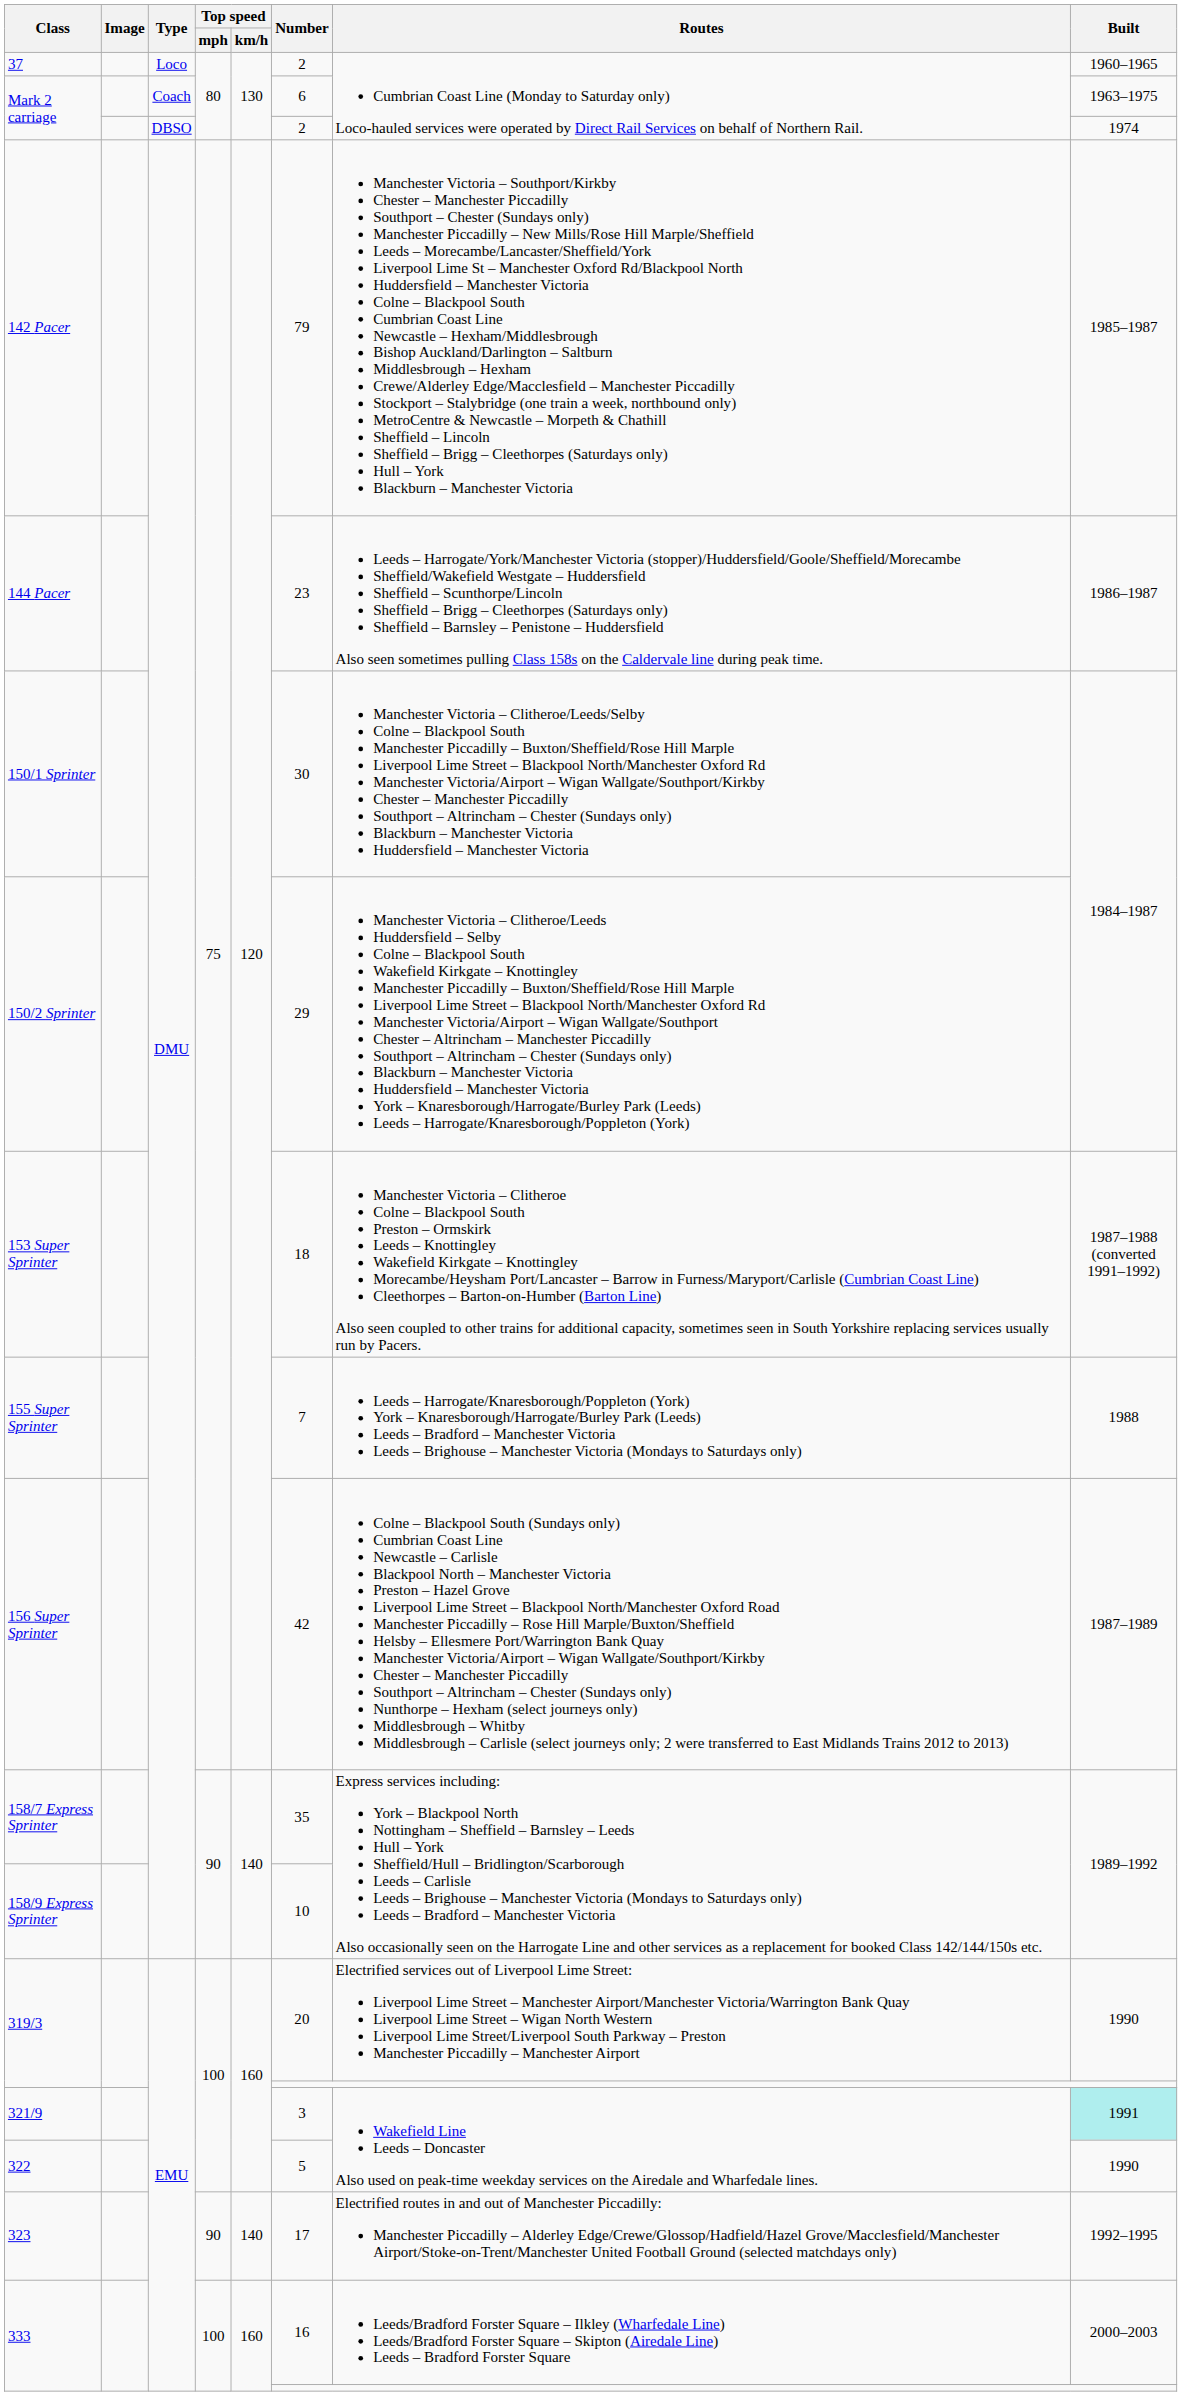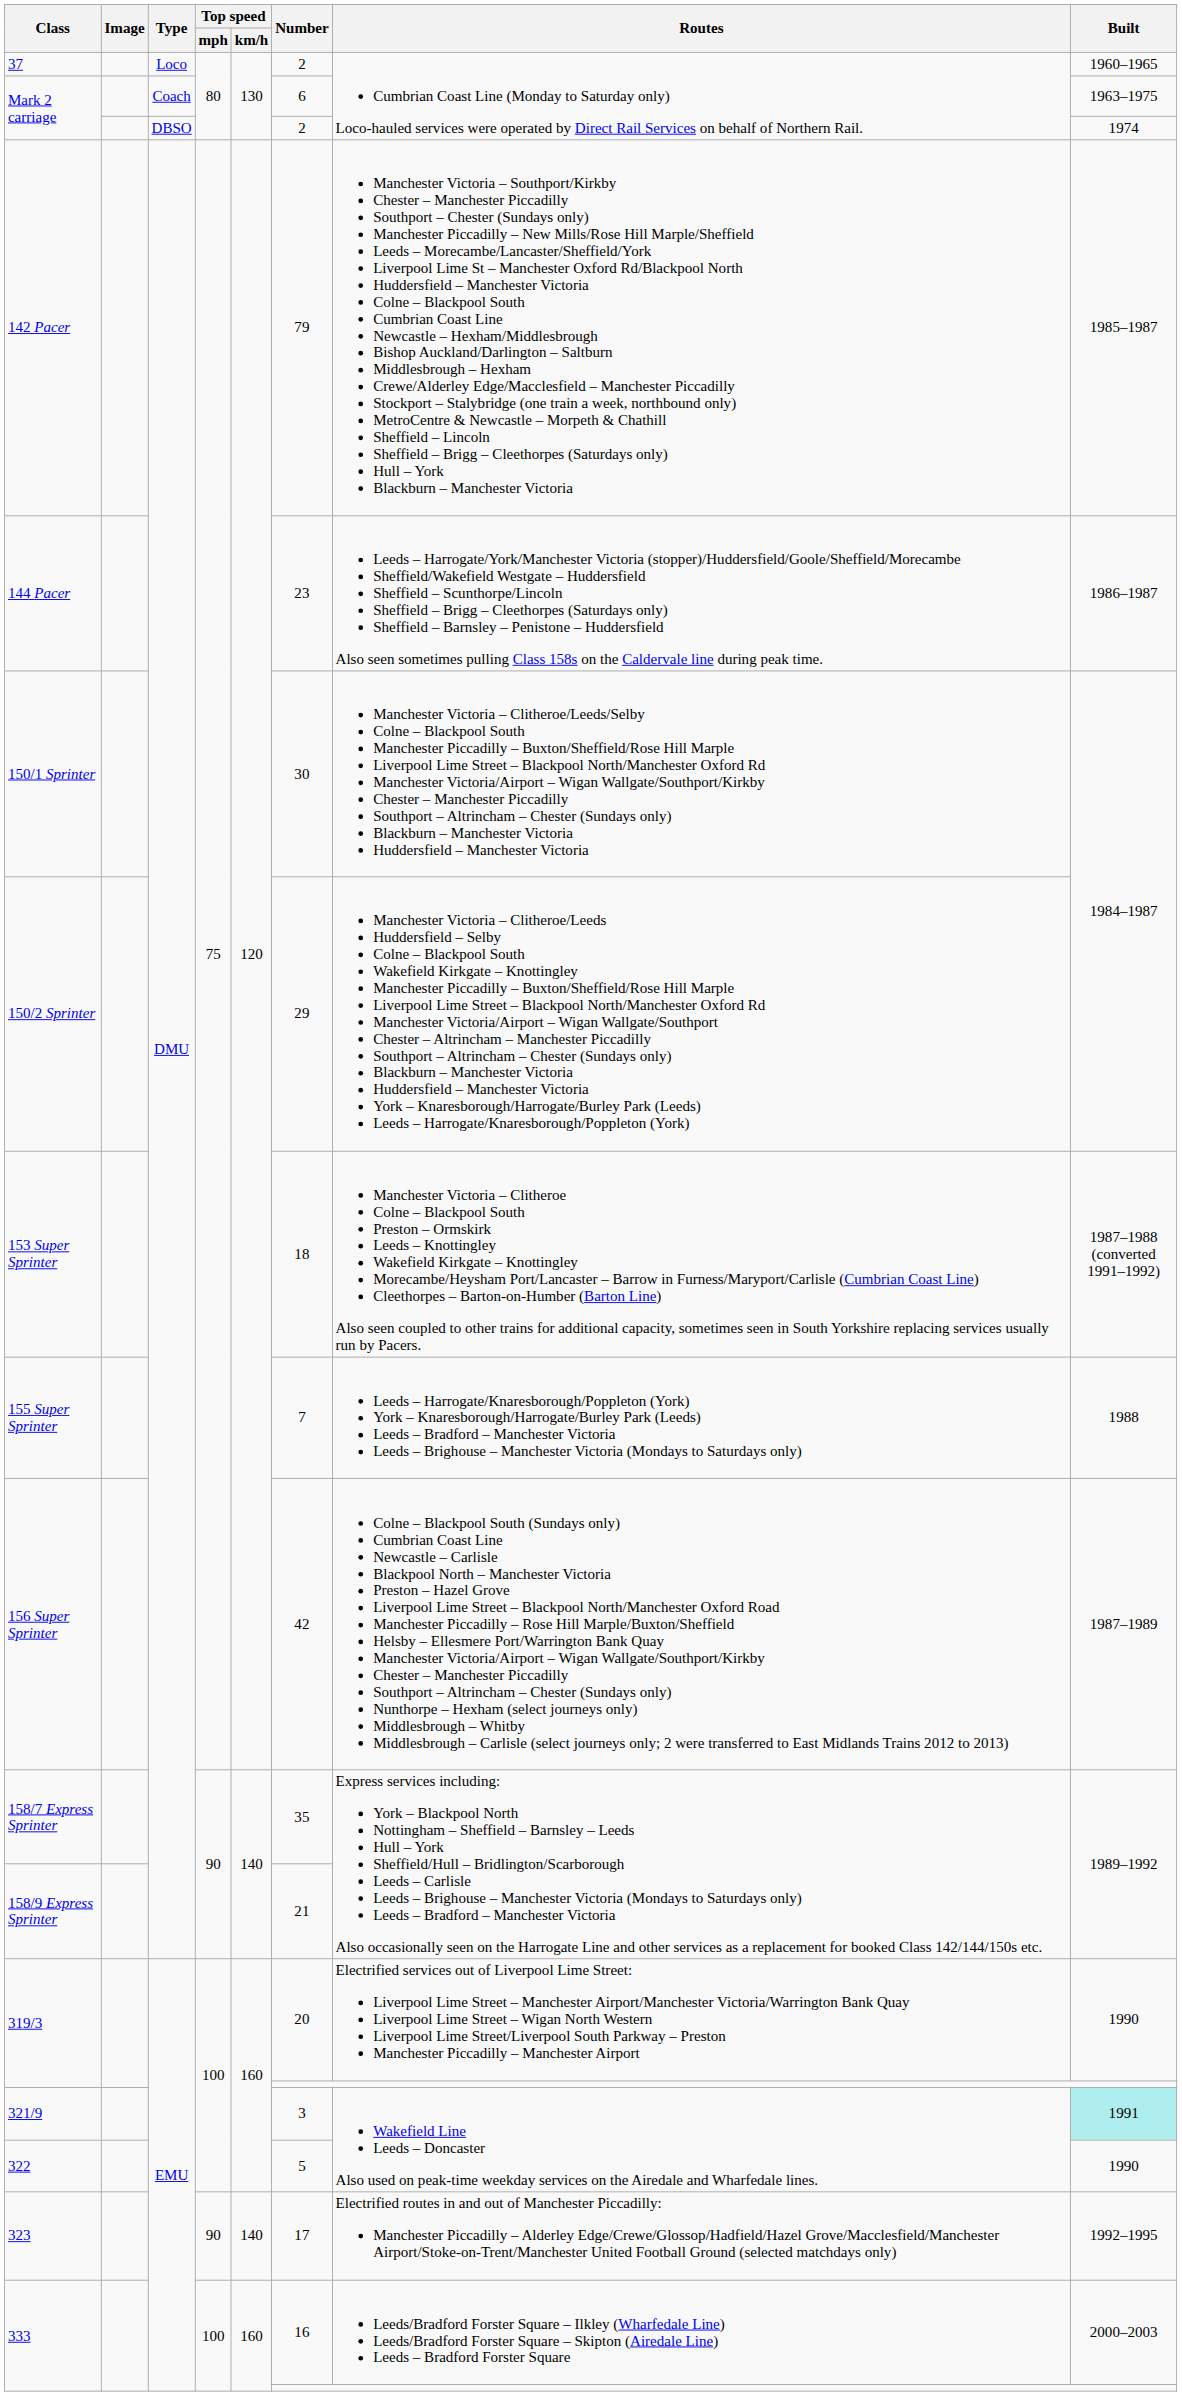 <table class="wikitable">
 <tr style="background:#f9f9f9;">
 <th rowspan="2">Class</th>
 <th rowspan="2">Image</th>
 <th rowspan="2">Type</th>
 <th colspan="2">Top speed</th>
 <th rowspan="2">Number</th>
 <th rowspan="2">Routes</th>
 <th rowspan="2">Built</th>
 </tr>
 <tr style="background:#f9f9f9;">
 <th>mph</th>
 <th>km/h</th>
 </tr>
 <tr>
 <td><a href='#'>37</a></td>
 <td></td>
 <td style="text-align:center;"><a href='#'>Loco</a></td>
 <td rowspan="3" style="text-align:center;">80</td>
 <td rowspan="3" style="text-align:center;">130</td>
 <td style="text-align:center;">2</td>
 <td rowspan="3"><br><ul><li>Cumbrian Coast Line (Monday to Saturday only)</li></ul>Loco-hauled services were operated by <a href='#'>Direct Rail Services</a> on behalf of Northern Rail.</td>
 <td style="text-align:center;">1960–1965</td>
 </tr>
 <tr>
 <td rowspan="2"><a href='#'>Mark 2 carriage</a></td>
 <td></td>
 <td style="text-align:center;"><a href='#'>Coach</a></td>
 <td style="text-align:center;">6</td>
 <td style="text-align:center;">1963–1975</td>
 </tr>
 <tr>
 <td></td>
 <td style="text-align:center;"><a href='#'>DBSO</a></td>
 <td style="text-align:center;">2</td>
 <td style="text-align:center;">1974</td>
 </tr>
 <tr>
 <td><a href='#'>142 <em>Pacer</em></a></td>
 <td></td>
 <td rowspan="9" style="text-align:center;"><a href='#'>DMU</a></td>
 <td rowspan="7" style="text-align:center;">75</td>
 <td rowspan="7" style="text-align:center;">120</td>
 <td style="text-align:center;">79</td>
 <td><br><ul><li>Manchester Victoria – Southport/Kirkby</li><li>Chester – Manchester Piccadilly</li><li>Southport – Chester (Sundays only)</li><li>Manchester Piccadilly – New Mills/Rose Hill Marple/Sheffield</li><li>Leeds – Morecambe/Lancaster/Sheffield/York</li><li>Liverpool Lime St – Manchester Oxford Rd/Blackpool North</li><li>Huddersfield – Manchester Victoria</li><li>Colne – Blackpool South</li><li>Cumbrian Coast Line</li><li>Newcastle – Hexham/Middlesbrough</li><li>Bishop Auckland/Darlington – Saltburn</li><li>Middlesbrough – Hexham</li><li>Crewe/Alderley Edge/Macclesfield – Manchester Piccadilly</li><li>Stockport – Stalybridge (one train a week, northbound only)</li><li>MetroCentre & Newcastle – Morpeth & Chathill</li><li>Sheffield – Lincoln</li><li>Sheffield – Brigg – Cleethorpes (Saturdays only)</li><li>Hull – York</li><li>Blackburn – Manchester Victoria</li></ul></td>
 <td style="text-align:center;">1985–1987</td>
 </tr>
 <tr>
 <td><a href='#'>144 <em>Pacer</em></a></td>
 <td></td>
 <td style="text-align:center;">23</td>
 <td><br><ul><li>Leeds – Harrogate/York/Manchester Victoria (stopper)/Huddersfield/Goole/Sheffield/Morecambe</li><li>Sheffield/Wakefield Westgate – Huddersfield</li><li>Sheffield – Scunthorpe/Lincoln</li><li>Sheffield – Brigg – Cleethorpes (Saturdays only)</li><li>Sheffield – Barnsley – Penistone – Huddersfield</li></ul> Also seen sometimes pulling <a href='#'>Class 158s</a> on the <a href='#'>Caldervale line</a> during peak time.</td>
 <td style="text-align:center;">1986–1987</td>
 </tr>
 <tr>
 <td><a href='#'>150/1 <em>Sprinter</em></a></td>
 <td></td>
 <td style="text-align:center;">30</td>
 <td><br><ul><li>Manchester Victoria – Clitheroe/Leeds/Selby</li><li>Colne – Blackpool South</li><li>Manchester Piccadilly – Buxton/Sheffield/Rose Hill Marple</li><li>Liverpool Lime Street – Blackpool North/Manchester Oxford Rd</li><li>Manchester Victoria/Airport – Wigan Wallgate/Southport/Kirkby</li><li>Chester – Manchester Piccadilly</li><li>Southport – Altrincham – Chester (Sundays only)</li><li>Blackburn – Manchester Victoria</li><li>Huddersfield – Manchester Victoria</li></ul></td>
 <td rowspan="2" style="text-align:center;">1984–1987</td>
 </tr>
 <tr>
 <td><a href='#'>150/2 <em>Sprinter</em></a></td>
 <td></td>
 <td style="text-align:center;">29</td>
 <td><br><ul><li>Manchester Victoria – Clitheroe/Leeds</li><li>Huddersfield – Selby</li><li>Colne – Blackpool South</li><li>Wakefield Kirkgate – Knottingley</li><li>Manchester Piccadilly – Buxton/Sheffield/Rose Hill Marple</li><li>Liverpool Lime Street – Blackpool North/Manchester Oxford Rd</li><li>Manchester Victoria/Airport – Wigan Wallgate/Southport</li><li>Chester – Altrincham – Manchester Piccadilly</li><li>Southport – Altrincham – Chester (Sundays only)</li><li>Blackburn – Manchester Victoria</li><li>Huddersfield – Manchester Victoria</li><li>York – Knaresborough/Harrogate/Burley Park (Leeds)</li><li>Leeds – Harrogate/Knaresborough/Poppleton (York)</li></ul></td>
 </tr>
 <tr>
 <td><a href='#'>153 <em>Super Sprinter</em></a></td>
 <td></td>
 <td style="text-align:center;">18</td>
 <td><br><ul><li>Manchester Victoria – Clitheroe</li><li>Colne – Blackpool South</li><li>Preston – Ormskirk</li><li>Leeds – Knottingley</li><li>Wakefield Kirkgate – Knottingley</li><li>Morecambe/Heysham Port/Lancaster – Barrow in Furness/Maryport/Carlisle (<a href='#'>Cumbrian Coast Line</a>)</li><li>Cleethorpes – Barton-on-Humber (<a href='#'>Barton Line</a>)</li></ul> Also seen coupled to other trains for additional capacity, sometimes seen in South Yorkshire replacing services usually run by Pacers.</td>
 <td style="text-align:center;">1987–1988<br>(converted 1991–1992)</td>
 </tr>
 <tr>
 <td><a href='#'>155 <em>Super Sprinter</em></a></td>
 <td></td>
 <td style="text-align:center;">7</td>
 <td><br><ul><li>Leeds – Harrogate/Knaresborough/Poppleton (York)</li><li>York – Knaresborough/Harrogate/Burley Park (Leeds)</li><li>Leeds – Bradford – Manchester Victoria</li><li>Leeds – Brighouse – Manchester Victoria (Mondays to Saturdays only)</li></ul></td>
 <td style="text-align:center;">1988</td>
 </tr>
 <tr>
 <td><a href='#'>156 <em>Super Sprinter</em></a></td>
 <td></td>
 <td style="text-align:center;">42</td>
 <td><br><ul><li>Colne – Blackpool South (Sundays only)</li><li>Cumbrian Coast Line</li><li>Newcastle – Carlisle</li><li>Blackpool North – Manchester Victoria</li><li>Preston – Hazel Grove</li><li>Liverpool Lime Street – Blackpool North/Manchester Oxford Road</li><li>Manchester Piccadilly – Rose Hill Marple/Buxton/Sheffield</li><li>Helsby – Ellesmere Port/Warrington Bank Quay</li><li>Manchester Victoria/Airport – Wigan Wallgate/Southport/Kirkby</li><li>Chester – Manchester Piccadilly</li><li>Southport – Altrincham – Chester (Sundays only)</li><li>Nunthorpe – Hexham (select journeys only)</li><li>Middlesbrough – Whitby</li><li>Middlesbrough – Carlisle (select journeys only; 2 were transferred to East Midlands Trains 2012 to 2013)</li></ul></td>
 <td style="text-align:center;">1987–1989</td>
 </tr>
 <tr>
 <td><a href='#'>158/7 <em>Express Sprinter</em></a></td>
 <td></td>
 <td rowspan="2" style="text-align:center;">90</td>
 <td rowspan="2" style="text-align:center;">140</td>
 <td style="text-align:center;">35</td>
 <td rowspan="2">Express services including:<br><ul><li>York – Blackpool North</li><li>Nottingham – Sheffield – Barnsley – Leeds</li><li>Hull – York</li><li>Sheffield/Hull – Bridlington/Scarborough</li><li>Leeds – Carlisle</li><li>Leeds – Brighouse – Manchester Victoria (Mondays to Saturdays only)</li><li>Leeds – Bradford – Manchester Victoria</li></ul> Also occasionally seen on the Harrogate Line and other services as a replacement for booked Class 142/144/150s etc.</td>
 <td rowspan="2" style="text-align:center;">1989–1992</td>
 </tr>
 <tr>
 <td><a href='#'>158/9 <em>Express Sprinter</em></a></td>
 <td></td>
-<td style="text-align:center;">10</td>
+<td style="text-align:center;">21</td>
 </tr>
 <tr>
 <td rowspan="2"><a href='#'>319/3</a></td>
 <td rowspan="2"></td>
 <td rowspan="7" style="text-align:center;"><a href='#'>EMU</a></td>
 <td rowspan="4" style="text-align:center;">100</td>
 <td rowspan="4" style="text-align:center;">160</td>
 <td style="text-align:center;">20</td>
 <td>Electrified services out of Liverpool Lime Street:<br><ul><li>Liverpool Lime Street – Manchester Airport/Manchester Victoria/Warrington Bank Quay</li><li>Liverpool Lime Street – Wigan North Western</li><li>Liverpool Lime Street/Liverpool South Parkway – Preston</li><li>Manchester Piccadilly – Manchester Airport</li></ul></td>
 <td style="text-align:center;">1990</td>
 </tr>
 <tr>
 <td colspan="6" style="text-align:center;"></td>
 </tr>
 <tr>
 <td><a href='#'>321/9</a></td>
 <td></td>
 <td style="text-align:center;">3</td>
 <td rowspan="2"><br><ul><li><a href='#'>Wakefield Line</a></li><li>Leeds – Doncaster</li></ul> Also used on peak-time weekday services on the Airedale and Wharfedale lines.</td>
 <td style="background: paleturquoise; text-align:center;">1991</td>
 </tr>
 <tr>
 <td><a href='#'>322</a></td>
 <td></td>
 <td style="text-align:center;">5</td>
 <td style="text-align:center;">1990</td>
 </tr>
 <tr>
 <td><a href='#'>323</a></td>
 <td></td>
 <td style="text-align:center;">90</td>
 <td style="text-align:center;">140</td>
 <td style="text-align:center;">17</td>
 <td>Electrified routes in and out of Manchester Piccadilly:<br><ul><li>Manchester Piccadilly – Alderley Edge/Crewe/Glossop/Hadfield/Hazel Grove/Macclesfield/Manchester Airport/Stoke-on-Trent/Manchester United Football Ground (selected matchdays only)</li></ul></td>
 <td style="text-align:center;">1992–1995</td>
 </tr>
 <tr>
 <td rowspan="2"><a href='#'>333</a></td>
 <td rowspan="2"></td>
 <td rowspan="2" style="text-align:center;">100</td>
 <td rowspan="2" style="text-align:center;">160</td>
 <td style="text-align:center;">16</td>
 <td><br><ul><li>Leeds/Bradford Forster Square – Ilkley (<a href='#'>Wharfedale Line</a>)</li><li>Leeds/Bradford Forster Square – Skipton (<a href='#'>Airedale Line</a>)</li><li>Leeds – Bradford Forster Square</li></ul></td>
 <td style="text-align:center;">2000–2003</td>
 </tr>
 <tr>
 <td colspan="6" style="text-align:center;"></td>
 </tr>
 </table>
